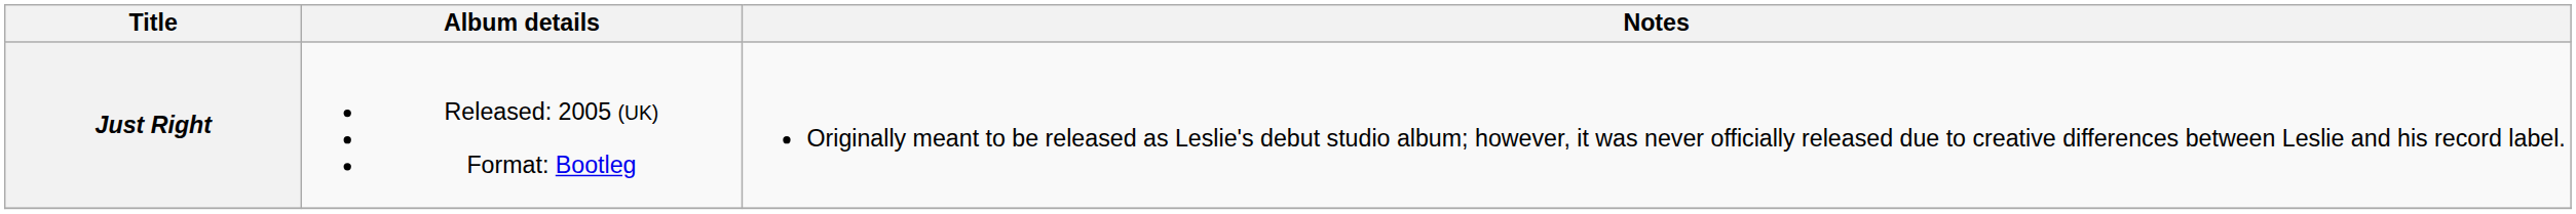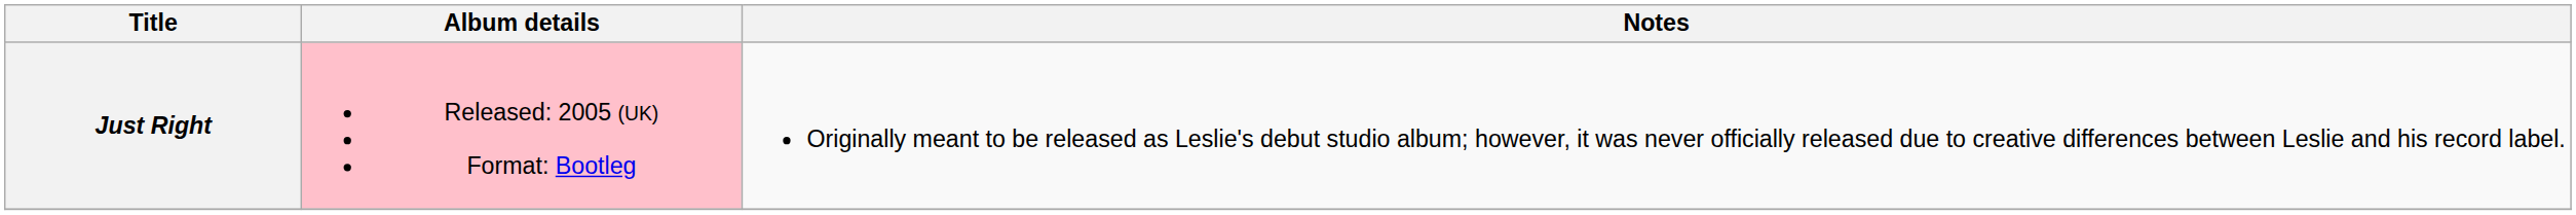 <table class="wikitable plainrowheaders" style="text-align:center;">
 <tr>
 <th scope="col" style="width:12em;">Title</th>
 <th scope="col" style="width:18em;">Album details</th>
 <th scope="col">Notes</th>
 </tr>
 <tr>
 <th scope="row"><em>Just Right</em></th>
-<td><br><ul><li>Released: 2005 <small>(UK)</small></li><li></li><li>Format: <a href='#'>Bootleg</a></li></ul></td>
+<td style="background: pink;"><br><ul><li>Released: 2005 <small>(UK)</small></li><li></li><li>Format: <a href='#'>Bootleg</a></li></ul></td>
 <td><br><ul><li>Originally meant to be released as Leslie's debut studio album; however, it was never officially released due to creative differences between Leslie and his record label.</li></ul></td>
 </tr>
 <tr>
 </tr>
 </table>
